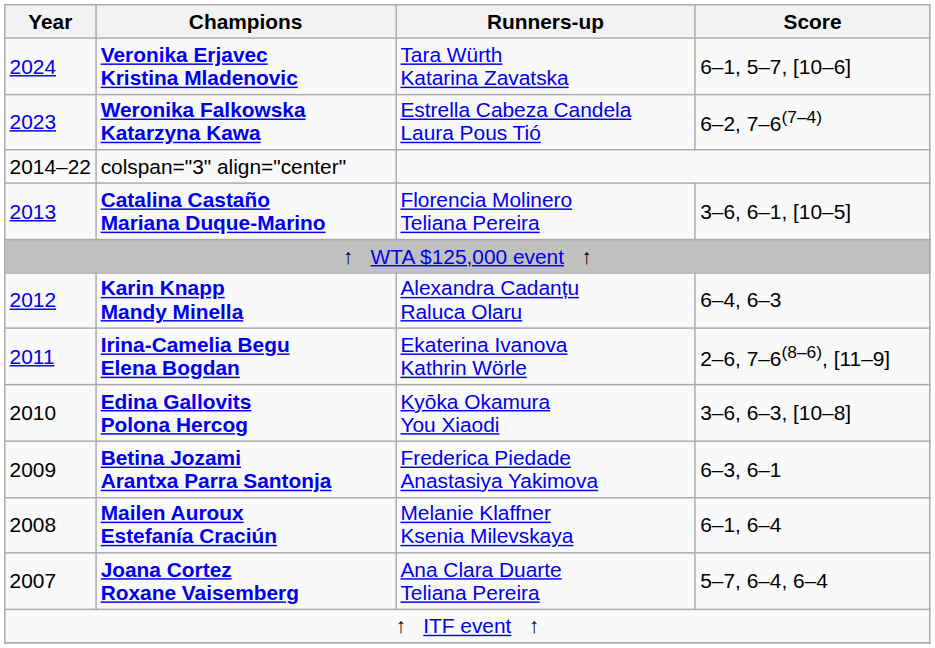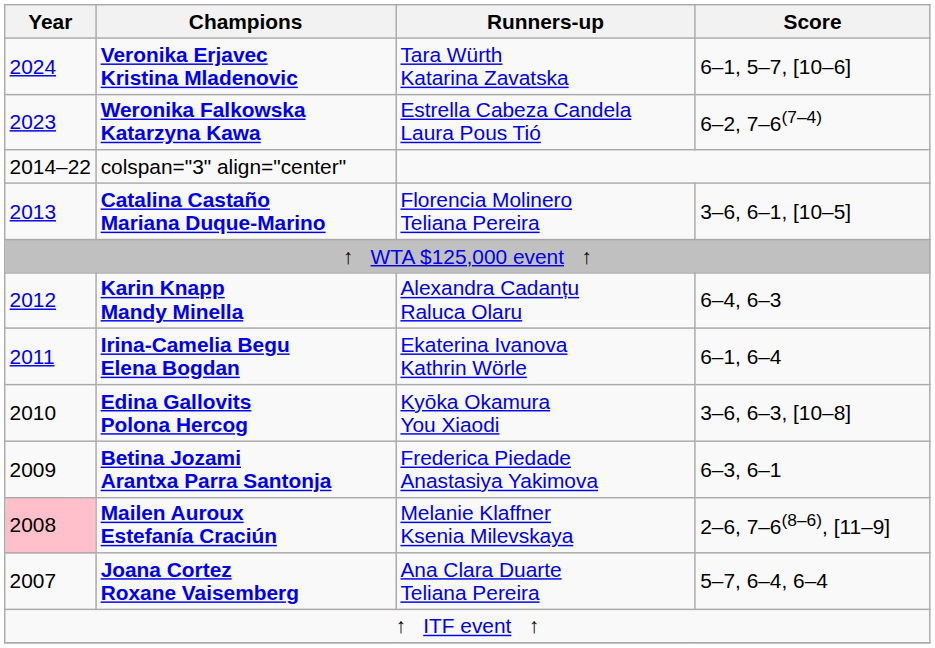 <table class="wikitable" style="font-size:90%">
 <tr>
 <th>Year</th>
 <th width="200">Champions</th>
 <th width="200">Runners-up</th>
 <th width="155">Score</th>
 </tr>
 <tr>
 <td><a href='#'>2024</a></td>
 <td> <strong><a href='#'>Veronika Erjavec</a></strong> <br>  <strong><a href='#'>Kristina Mladenovic</a></strong></td>
 <td> <a href='#'>Tara Würth</a> <br>  <a href='#'>Katarina Zavatska</a></td>
 <td>6–1, 5–7, [10–6]</td>
 </tr>
 <tr>
 <td><a href='#'>2023</a></td>
 <td> <strong><a href='#'>Weronika Falkowska</a></strong> <br>  <strong><a href='#'>Katarzyna Kawa</a></strong></td>
 <td> <a href='#'>Estrella Cabeza Candela</a> <br>  <a href='#'>Laura Pous Tió</a></td>
 <td>6–2, 7–6<sup>(7–4)</sup></td>
 </tr>
 <tr>
 <td>2014–22</td>
 <td>colspan="3" align="center" </td>
 </tr>
 <tr>
 <td><a href='#'>2013</a></td>
 <td> <strong><a href='#'>Catalina Castaño</a></strong> <br>  <strong><a href='#'>Mariana Duque-Marino</a></strong></td>
 <td> <a href='#'>Florencia Molinero</a> <br>  <a href='#'>Teliana Pereira</a></td>
 <td>3–6, 6–1, [10–5]</td>
 </tr>
 <tr style="background:silver;">
 <td colspan="5" align="center">↑   <a href='#'>WTA $125,000 event</a>   ↑</td>
 </tr>
 <tr>
 <td><a href='#'>2012</a></td>
 <td> <strong><a href='#'>Karin Knapp</a></strong> <br>  <strong><a href='#'>Mandy Minella</a></strong></td>
 <td> <a href='#'>Alexandra Cadanțu</a> <br>  <a href='#'>Raluca Olaru</a></td>
 <td>6–4, 6–3</td>
 </tr>
 <tr>
 <td><a href='#'>2011</a></td>
 <td> <strong><a href='#'>Irina-Camelia Begu</a></strong> <br>  <strong><a href='#'>Elena Bogdan</a></strong></td>
 <td> <a href='#'>Ekaterina Ivanova</a> <br>  <a href='#'>Kathrin Wörle</a></td>
-<td>2–6, 7–6<sup>(8–6)</sup>, [11–9]</td>
+<td>6–1, 6–4</td>
 </tr>
 <tr>
 <td>2010</td>
 <td> <strong><a href='#'>Edina Gallovits</a></strong> <br>  <strong><a href='#'>Polona Hercog</a></strong></td>
 <td> <a href='#'>Kyōka Okamura</a> <br>  <a href='#'>You Xiaodi</a></td>
 <td>3–6, 6–3, [10–8]</td>
 </tr>
 <tr>
 <td>2009</td>
 <td> <strong><a href='#'>Betina Jozami</a></strong> <br>  <strong><a href='#'>Arantxa Parra Santonja</a></strong></td>
 <td> <a href='#'>Frederica Piedade</a> <br>  <a href='#'>Anastasiya Yakimova</a></td>
 <td>6–3, 6–1</td>
 </tr>
 <tr>
-<td>2008</td>
+<td style="background: pink;">2008</td>
 <td> <strong><a href='#'>Mailen Auroux</a></strong> <br>  <strong><a href='#'>Estefanía Craciún</a></strong></td>
 <td> <a href='#'>Melanie Klaffner</a> <br>  <a href='#'>Ksenia Milevskaya</a></td>
-<td>6–1, 6–4</td>
+<td>2–6, 7–6<sup>(8–6)</sup>, [11–9]</td>
 </tr>
 <tr>
 <td>2007</td>
 <td> <strong><a href='#'>Joana Cortez</a></strong> <br>  <strong><a href='#'>Roxane Vaisemberg</a></strong></td>
 <td> <a href='#'>Ana Clara Duarte</a> <br>  <a href='#'>Teliana Pereira</a></td>
 <td>5–7, 6–4, 6–4</td>
 </tr>
 <tr>
 <td colspan="5" align="center">↑   <a href='#'>ITF event</a>   ↑</td>
 </tr>
 <tr>
 </tr>
 </table>
